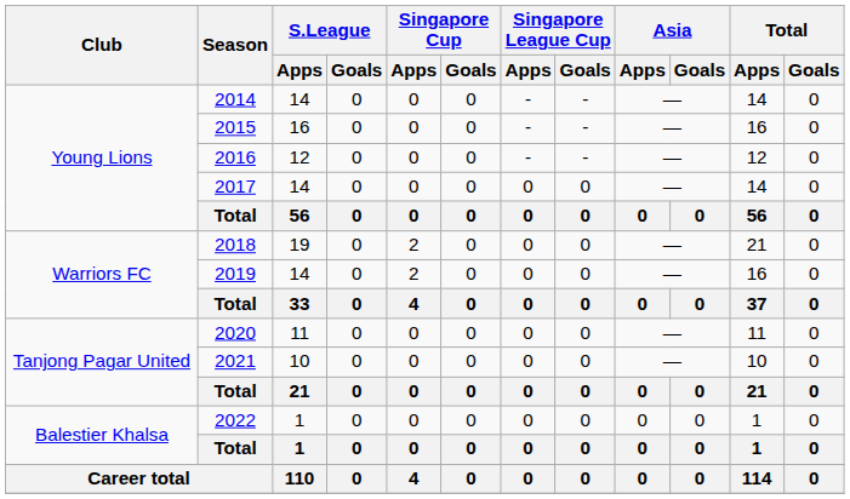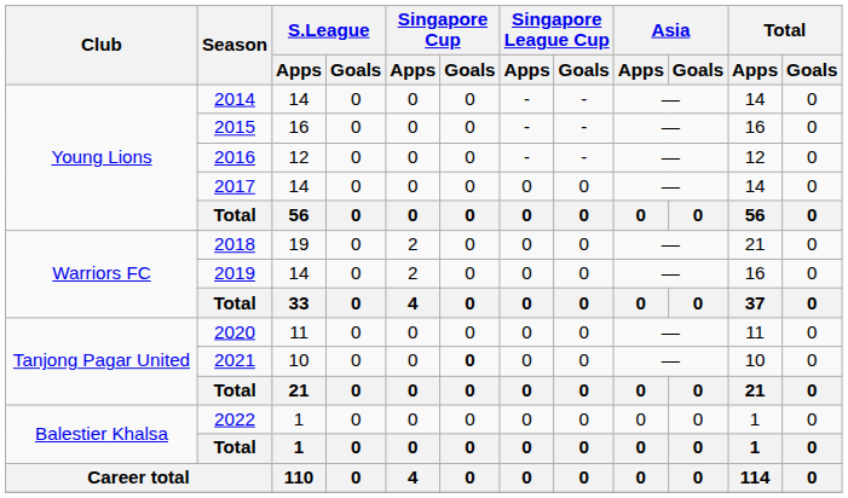 <table class="wikitable" style="text-align:center">
 <tr>
 <th rowspan=2 width=160>Club</th>
 <th rowspan=2>Season</th>
 <th colspan=2><a href='#'>S.League</a></th>
 <th colspan=2><a href='#'>Singapore Cup</a></th>
 <th colspan=2><a href='#'>Singapore<br>League Cup</a></th>
 <th colspan="2"><a href='#'>Asia</a></th>
 <th colspan=2>Total</th>
 </tr>
 <tr>
 <th width=40>Apps</th>
 <th width=40>Goals</th>
 <th width=40>Apps</th>
 <th width=40>Goals</th>
 <th width=40>Apps</th>
 <th width=40>Goals</th>
 <th width=40>Apps</th>
 <th width=40>Goals</th>
 <th width=40>Apps</th>
 <th width=40>Goals</th>
 </tr>
 <tr>
 <td rowspan=5><a href='#'>Young Lions</a></td>
 <td><a href='#'>2014</a></td>
 <td>14</td>
 <td>0</td>
 <td>0</td>
 <td>0</td>
 <td>-</td>
 <td>-</td>
 <td colspan='2'>—</td>
 <td>14</td>
 <td>0</td>
 </tr>
 <tr>
 <td><a href='#'>2015</a></td>
 <td>16</td>
 <td>0</td>
 <td>0</td>
 <td>0</td>
 <td>-</td>
 <td>-</td>
 <td colspan='2'>—</td>
 <td>16</td>
 <td>0</td>
 </tr>
 <tr>
 <td><a href='#'>2016</a></td>
 <td>12</td>
 <td>0</td>
 <td>0</td>
 <td>0</td>
 <td>-</td>
 <td>-</td>
 <td colspan='2'>—</td>
 <td>12</td>
 <td>0</td>
 </tr>
 <tr>
 <td><a href='#'>2017</a></td>
 <td>14</td>
 <td>0</td>
 <td>0</td>
 <td>0</td>
 <td>0</td>
 <td>0</td>
 <td colspan='2'>—</td>
 <td>14</td>
 <td>0</td>
 </tr>
 <tr>
 <th>Total</th>
 <th>56</th>
 <th>0</th>
 <th>0</th>
 <th>0</th>
 <th>0</th>
 <th>0</th>
 <th>0</th>
 <th>0</th>
 <th>56</th>
 <th>0</th>
 </tr>
 <tr>
 <td rowspan="3"><a href='#'>Warriors FC</a></td>
 <td><a href='#'>2018</a></td>
 <td>19</td>
 <td>0</td>
 <td>2</td>
 <td>0</td>
 <td>0</td>
 <td>0</td>
 <td colspan='2'>—</td>
 <td>21</td>
 <td>0</td>
 </tr>
 <tr>
 <td><a href='#'>2019</a></td>
 <td>14</td>
 <td>0</td>
 <td>2</td>
 <td>0</td>
 <td>0</td>
 <td>0</td>
 <td colspan='2'>—</td>
 <td>16</td>
 <td>0</td>
 </tr>
 <tr>
 <th>Total</th>
 <th>33</th>
 <th>0</th>
 <th>4</th>
 <th>0</th>
 <th>0</th>
 <th>0</th>
 <th>0</th>
 <th>0</th>
 <th>37</th>
 <th>0</th>
 </tr>
 <tr>
 <td rowspan="3"><a href='#'>Tanjong Pagar United</a></td>
 <td><a href='#'>2020</a></td>
 <td>11</td>
 <td>0</td>
 <td>0</td>
 <td>0</td>
 <td>0</td>
 <td>0</td>
 <td colspan='2'>—</td>
 <td>11</td>
 <td>0</td>
 </tr>
 <tr>
 <td><a href='#'>2021</a></td>
 <td>10</td>
 <td>0</td>
 <td>0</td>
-<td>0</td>
+<td><strong>0</strong></td>
 <td>0</td>
 <td>0</td>
 <td colspan='2'>—</td>
 <td>10</td>
 <td>0</td>
 </tr>
 <tr>
 <th>Total</th>
 <th>21</th>
 <th>0</th>
 <th>0</th>
 <th>0</th>
 <th>0</th>
 <th>0</th>
 <th>0</th>
 <th>0</th>
 <th>21</th>
 <th>0</th>
 </tr>
 <tr>
 <td rowspan="2"><a href='#'>Balestier Khalsa</a></td>
 <td><a href='#'>2022</a></td>
 <td>1</td>
 <td>0</td>
 <td>0</td>
 <td>0</td>
 <td>0</td>
 <td>0</td>
 <td>0</td>
 <td>0</td>
 <td>1</td>
 <td>0</td>
 </tr>
 <tr>
 <th>Total</th>
 <th>1</th>
 <th>0</th>
 <th>0</th>
 <th>0</th>
 <th>0</th>
 <th>0</th>
 <th>0</th>
 <th>0</th>
 <th>1</th>
 <th>0</th>
 </tr>
 <tr>
 <th colspan=2>Career total</th>
 <th>110</th>
 <th>0</th>
 <th>4</th>
 <th>0</th>
 <th>0</th>
 <th>0</th>
 <th>0</th>
 <th>0</th>
 <th>114</th>
 <th>0</th>
 </tr>
 <tr>
 </tr>
 </table>
